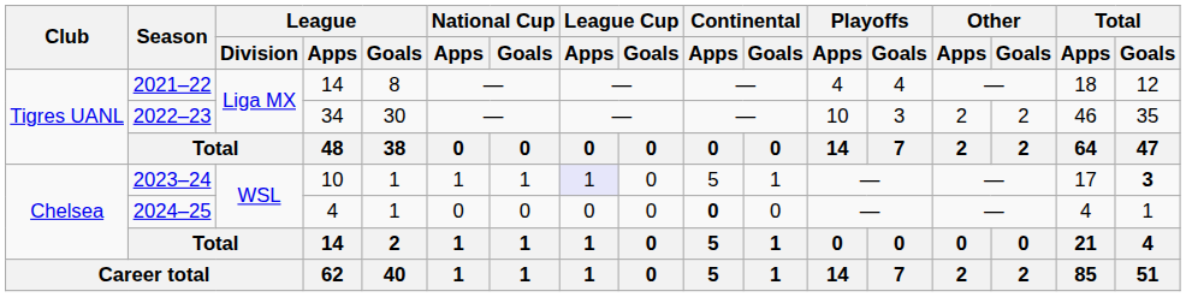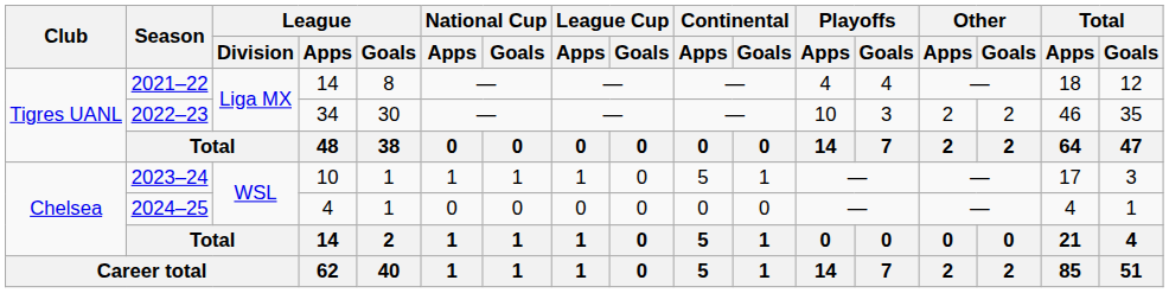 <table class="wikitable" style="text-align: center;">
 <tr>
 <th rowspan="2">Club</th>
 <th rowspan="2">Season</th>
 <th colspan="3">League</th>
 <th colspan="2">National Cup</th>
 <th colspan="2">League Cup</th>
 <th colspan="2">Continental</th>
 <th colspan="2">Playoffs</th>
 <th colspan="2">Other</th>
 <th colspan="2">Total</th>
 </tr>
 <tr>
 <th>Division</th>
 <th>Apps</th>
 <th>Goals</th>
 <th>Apps</th>
 <th>Goals</th>
 <th>Apps</th>
 <th>Goals</th>
 <th>Apps</th>
 <th>Goals</th>
 <th>Apps</th>
 <th>Goals</th>
 <th>Apps</th>
 <th>Goals</th>
 <th>Apps</th>
 <th>Goals</th>
 </tr>
 <tr>
 <td rowspan=3><a href='#'>Tigres UANL</a></td>
 <td><a href='#'>2021–22</a></td>
 <td rowspan=2><a href='#'>Liga MX</a></td>
 <td>14</td>
 <td>8</td>
 <td colspan="2">—</td>
 <td colspan="2">—</td>
 <td colspan="2">—</td>
 <td>4</td>
 <td>4</td>
 <td colspan="2">—</td>
 <td>18</td>
 <td>12</td>
 </tr>
 <tr>
 <td><a href='#'>2022–23</a></td>
 <td>34</td>
 <td>30</td>
 <td colspan="2">—</td>
 <td colspan="2">—</td>
 <td colspan="2">—</td>
 <td>10</td>
 <td>3</td>
 <td>2</td>
 <td>2</td>
 <td>46</td>
 <td>35</td>
 </tr>
 <tr>
 <th colspan="2">Total</th>
 <th>48</th>
 <th>38</th>
 <th>0</th>
 <th>0</th>
 <th>0</th>
 <th>0</th>
 <th>0</th>
 <th>0</th>
 <th>14</th>
 <th>7</th>
 <th>2</th>
 <th>2</th>
 <th>64</th>
 <th>47</th>
 </tr>
 <tr>
 <td rowspan=3><a href='#'>Chelsea</a></td>
 <td><a href='#'>2023–24</a></td>
 <td rowspan=2><a href='#'>WSL</a></td>
 <td>10</td>
 <td>1</td>
 <td>1</td>
 <td>1</td>
-<td style="background: lavender;">1</td>
+<td>1</td>
 <td>0</td>
 <td>5</td>
 <td>1</td>
 <td colspan="2">—</td>
 <td colspan="2">—</td>
 <td>17</td>
-<td><strong>3</strong></td>
+<td>3</td>
 </tr>
 <tr>
 <td><a href='#'>2024–25</a></td>
 <td>4</td>
 <td>1</td>
 <td>0</td>
 <td>0</td>
 <td>0</td>
 <td>0</td>
-<td><strong>0</strong></td>
+<td>0</td>
 <td>0</td>
 <td colspan="2">—</td>
 <td colspan="2">—</td>
 <td>4</td>
 <td>1</td>
 </tr>
 <tr>
 <th colspan="2">Total</th>
 <th>14</th>
 <th>2</th>
 <th>1</th>
 <th>1</th>
 <th>1</th>
 <th>0</th>
 <th>5</th>
 <th>1</th>
 <th>0</th>
 <th>0</th>
 <th>0</th>
 <th>0</th>
 <th>21</th>
 <th>4</th>
 </tr>
 <tr>
 <th colspan="3">Career total</th>
 <th>62</th>
 <th>40</th>
 <th>1</th>
 <th>1</th>
 <th>1</th>
 <th>0</th>
 <th>5</th>
 <th>1</th>
 <th>14</th>
 <th>7</th>
 <th>2</th>
 <th>2</th>
 <th>85</th>
 <th>51</th>
 </tr>
 </table>
